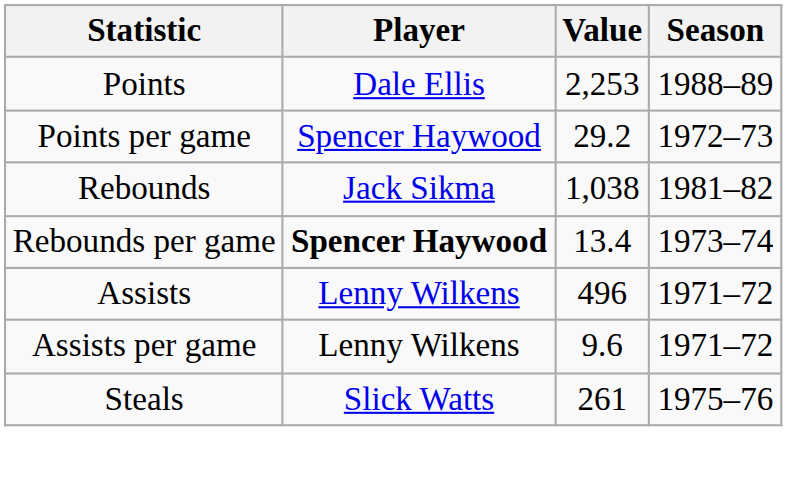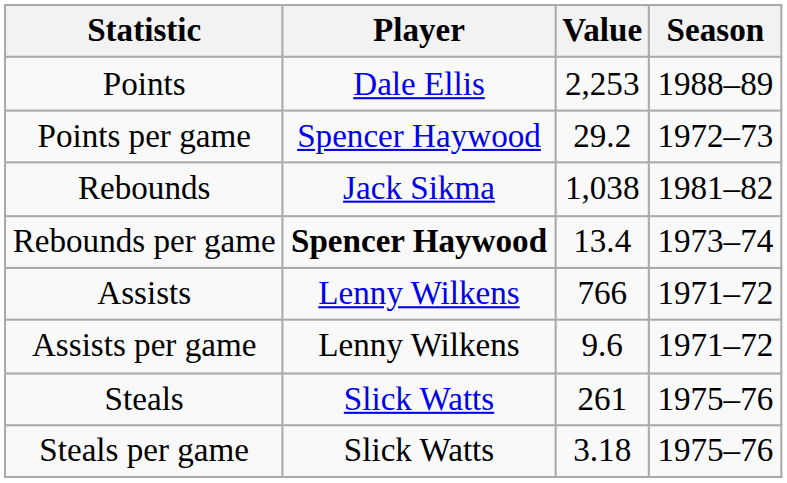 <table class="wikitable" style="text-align:center">
 <tr>
 <th>Statistic</th>
 <th>Player</th>
 <th>Value</th>
 <th>Season</th>
 </tr>
 <tr>
 <td>Points</td>
 <td><a href='#'>Dale Ellis</a></td>
 <td>2,253</td>
 <td>1988–89</td>
 </tr>
 <tr>
 <td>Points per game</td>
 <td><a href='#'>Spencer Haywood</a></td>
 <td>29.2</td>
 <td>1972–73</td>
 </tr>
 <tr>
 <td>Rebounds</td>
 <td><a href='#'>Jack Sikma</a></td>
 <td>1,038</td>
 <td>1981–82</td>
 </tr>
 <tr>
 <td>Rebounds per game</td>
 <td><strong>Spencer Haywood</strong></td>
 <td>13.4</td>
 <td>1973–74</td>
 </tr>
 <tr>
 <td>Assists</td>
 <td><a href='#'>Lenny Wilkens</a></td>
-<td>496</td>
+<td>766</td>
 <td>1971–72</td>
 </tr>
 <tr>
 <td>Assists per game</td>
 <td>Lenny Wilkens</td>
 <td>9.6</td>
 <td>1971–72</td>
 </tr>
 <tr>
 <td>Steals</td>
 <td><a href='#'>Slick Watts</a></td>
 <td>261</td>
 <td>1975–76</td>
 </tr>
+<tr>
+<td>Steals per game</td>
+<td>Slick Watts</td>
+<td>3.18</td>
+<td>1975–76</td>
+</tr>
 </table>
